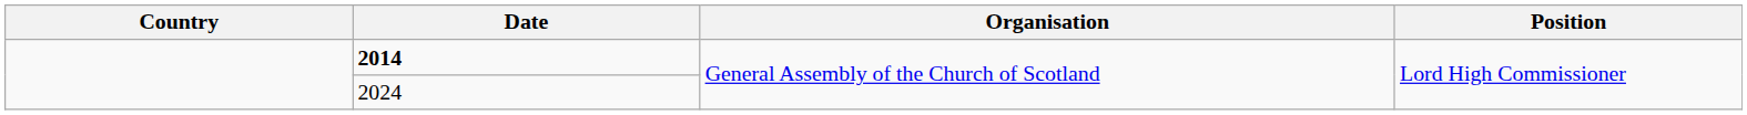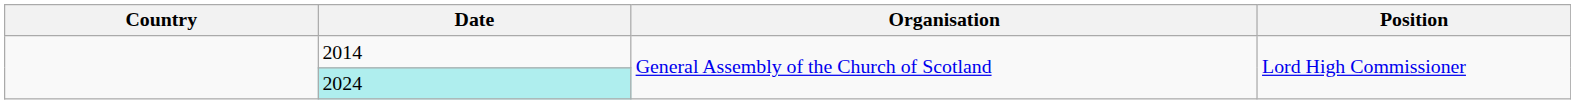 <table class="wikitable" width="100%" style="margin:0.5em 1em 0.5em 0; border:1px #005566 solid; border-collapse:collapse;">
 <tr>
 <th bgcolor="#F5F5F5" width="20%"><span>Country</span></th>
 <th bgcolor="#F5F5F5" width="20%"><span>Date</span></th>
 <th bgcolor="#F5F5F5" width="40%"><span>Organisation</span></th>
 <th bgcolor="#F5F5F5" width="20%"><span>Position</span></th>
 </tr>
 <tr>
 <td rowspan="2"></td>
-<td><strong>2014</strong></td>
+<td>2014</td>
 <td rowspan="2"><a href='#'>General Assembly of the Church of Scotland</a></td>
 <td rowspan="2"><a href='#'>Lord High Commissioner</a></td>
 </tr>
 <tr>
-<td>2024</td>
+<td style="background: paleturquoise;">2024</td>
 </tr>
 </table>
